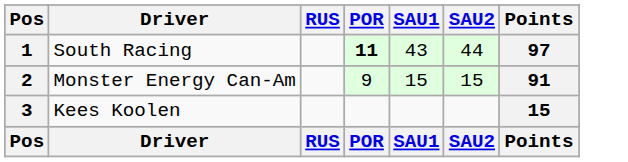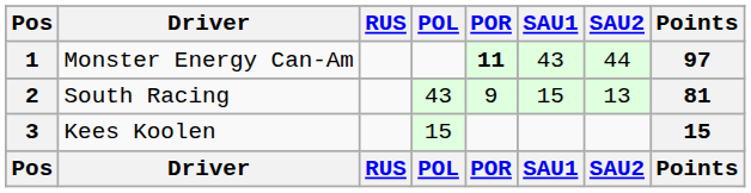 <table class="wikitable" style="font-size: 85%; text-align: center; display: inline-table;">
 <tr valign="top">
 <th valign="middle">Pos</th>
 <th valign="middle">Driver</th>
 <th><a href='#'>RUS</a><br></th>
+<th><a href='#'>POL</a><br></th>
 <th><a href='#'>POR</a><br></th>
 <th><a href='#'>SAU1</a><br></th>
 <th><a href='#'>SAU2</a><br></th>
 <th valign="middle">Points</th>
 </tr>
 <tr>
 <th>1</th>
-<td align=left> South Racing</td>
+<td align=left> Monster Energy Can-Am</td>
+<td></td>
 <td></td>
 <td style="background:#dfffdf;"><strong>11</strong></td>
 <td style="background:#dfffdf;">43</td>
 <td style="background:#dfffdf;">44</td>
 <th>97</th>
 </tr>
 <tr>
 <th>2</th>
-<td align=left> Monster Energy Can-Am</td>
+<td align=left> South Racing</td>
 <td></td>
+<td style="background:#dfffdf;">43</td>
 <td style="background:#dfffdf;">9</td>
 <td style="background:#dfffdf;">15</td>
-<td style="background:#dfffdf;">15</td>
-<th>91</th>
+<td style="background:#dfffdf;">13</td>
+<th>81</th>
 </tr>
 <tr>
 <th>3</th>
 <td align=left> Kees Koolen</td>
 <td></td>
+<td style="background:#dfffdf;">15</td>
 <td></td>
 <td></td>
 <td></td>
 <th>15</th>
 </tr>
 <tr valign="top">
 <th valign="middle">Pos</th>
 <th valign="middle">Driver</th>
 <th><a href='#'>RUS</a><br></th>
+<th><a href='#'>POL</a><br></th>
 <th><a href='#'>POR</a><br></th>
 <th><a href='#'>SAU1</a><br></th>
 <th><a href='#'>SAU2</a><br></th>
 <th valign="middle">Points</th>
 </tr>
 </table>
